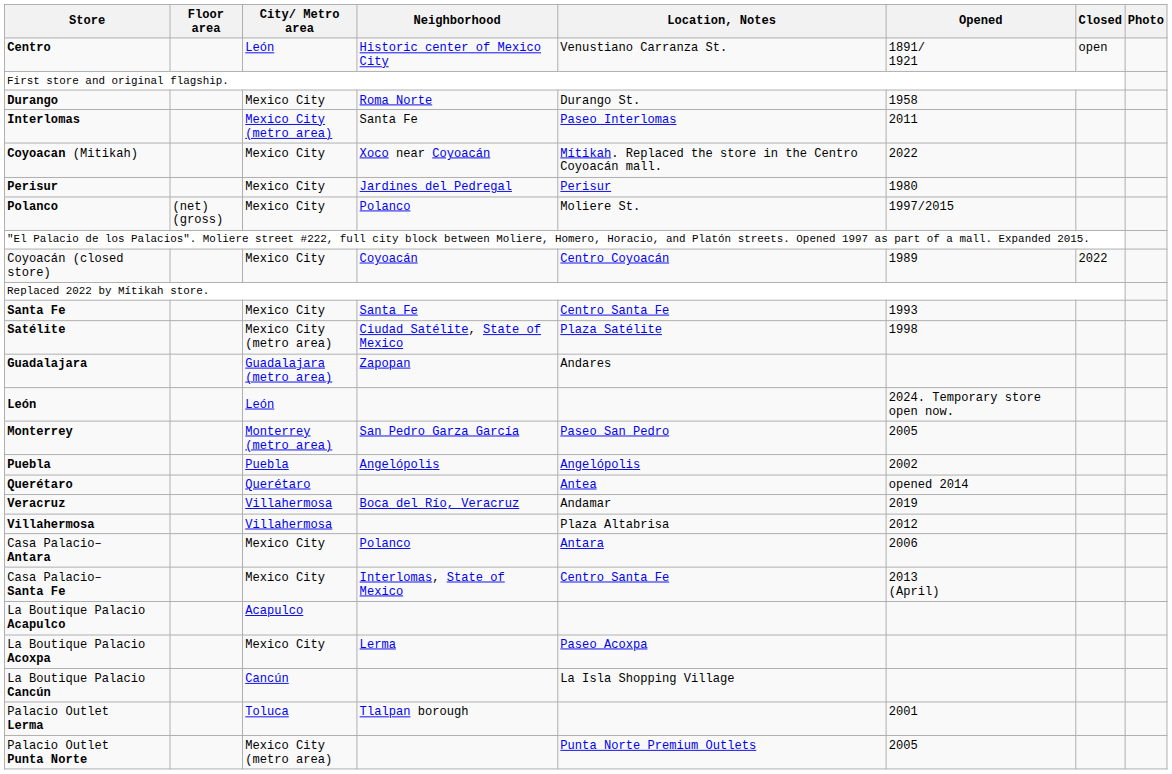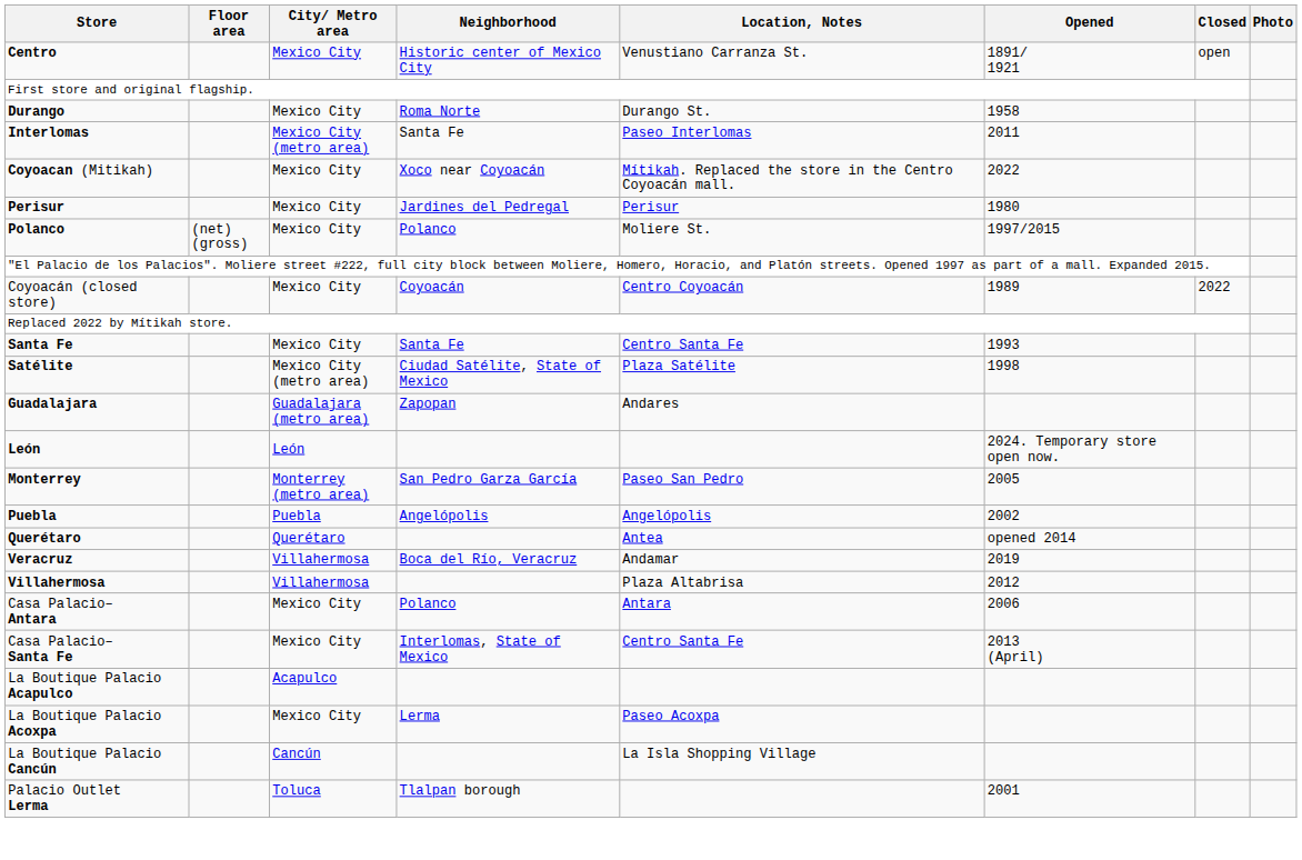 <table class="wikitable sortable">
 <tr>
 <th>Store</th>
 <th>Floor area</th>
 <th>City/ Metro area</th>
 <th>Neighborhood</th>
 <th>Location, Notes</th>
 <th>Opened</th>
 <th>Closed</th>
 <th>Photo</th>
 </tr>
 <tr style="vertical-align:top;">
 <td><strong>Centro</strong></td>
 <td></td>
-<td><a href='#'>León</a></td>
+<td><a href='#'>Mexico City</a></td>
 <td><a href='#'>Historic center of Mexico City</a></td>
 <td>Venustiano Carranza St.</td>
 <td>1891/<br>1921</td>
 <td>open</td>
 <td></td>
 </tr>
 <tr class="expand-child" style="background-color:white;font-size:0.9em;">
 <td colspan="7">First store and original flagship.</td>
 </tr>
 <tr style="vertical-align:top;">
 <td><strong>Durango</strong></td>
 <td></td>
 <td>Mexico City</td>
 <td><a href='#'>Roma Norte</a></td>
 <td>Durango St.</td>
 <td>1958</td>
 <td></td>
 <td></td>
 </tr>
 <tr style="vertical-align:top;">
 <td><strong>Interlomas</strong></td>
 <td></td>
 <td><a href='#'>Mexico City<br>(metro area)</a></td>
 <td>Santa Fe</td>
 <td><a href='#'>Paseo Interlomas</a></td>
 <td>2011</td>
 <td></td>
 <td></td>
 </tr>
 <tr style="vertical-align:top;">
 <td><strong>Coyoacan</strong> (Mitikah)</td>
 <td></td>
 <td>Mexico City</td>
 <td><a href='#'>Xoco</a> near <a href='#'>Coyoacán</a></td>
 <td><a href='#'>Mítikah</a>. Replaced the store in the Centro Coyoacán mall.</td>
 <td>2022</td>
 <td></td>
 <td></td>
 </tr>
 <tr style="vertical-align:top;">
 <td><strong>Perisur</strong></td>
 <td></td>
 <td>Mexico City</td>
 <td><a href='#'>Jardines del Pedregal</a></td>
 <td><a href='#'>Perisur</a></td>
 <td>1980</td>
 <td></td>
 <td></td>
 </tr>
 <tr style="vertical-align:top;">
 <td><strong>Polanco</strong></td>
 <td> (net)<br> (gross)</td>
 <td>Mexico City</td>
 <td><a href='#'>Polanco</a></td>
 <td>Moliere St.</td>
 <td>1997/2015</td>
 <td></td>
 <td></td>
 </tr>
 <tr class="expand-child" style="background-color:white;font-size:0.9em;">
 <td colspan="7">"El Palacio de los Palacios". Moliere street #222, full city block between Moliere, Homero, Horacio, and Platón streets. Opened 1997 as part of a mall. Expanded 2015.</td>
 </tr>
 <tr style="vertical-align:top;">
 <td>Coyoacán (closed store)</td>
 <td></td>
 <td>Mexico City</td>
 <td><a href='#'>Coyoacán</a></td>
 <td><a href='#'>Centro Coyoacán</a></td>
 <td>1989</td>
 <td>2022</td>
 <td></td>
 </tr>
 <tr class="expand-child" style="background-color:white;font-size:0.9em;">
 <td colspan="7">Replaced 2022 by Mítikah store.</td>
 </tr>
 <tr style="vertical-align:top;">
 <td><strong>Santa Fe</strong></td>
 <td></td>
 <td>Mexico City</td>
 <td><a href='#'>Santa Fe</a></td>
 <td><a href='#'>Centro Santa Fe</a></td>
 <td>1993</td>
 <td></td>
 <td></td>
 </tr>
 <tr style="vertical-align:top;">
 <td><strong>Satélite</strong></td>
 <td></td>
 <td>Mexico City<br>(metro area)</td>
 <td><a href='#'>Ciudad Satélite</a>, <a href='#'>State of Mexico</a></td>
 <td><a href='#'>Plaza Satélite</a></td>
 <td>1998</td>
 <td></td>
 <td></td>
 </tr>
 <tr style="vertical-align:top;">
 <td><strong>Guadalajara</strong></td>
 <td></td>
 <td><a href='#'>Guadalajara<br>(metro area)</a></td>
 <td><a href='#'>Zapopan</a></td>
 <td>Andares</td>
 <td></td>
 <td></td>
 <td></td>
 </tr>
 <tr>
 <td><strong>León</strong></td>
 <td></td>
 <td><a href='#'>León</a></td>
 <td></td>
 <td></td>
 <td>2024. Temporary store open now.</td>
 <td></td>
 </tr>
 <tr style="vertical-align:top;">
 <td><strong>Monterrey</strong></td>
 <td></td>
 <td><a href='#'>Monterrey<br>(metro area)</a></td>
 <td><a href='#'>San Pedro Garza García</a></td>
 <td><a href='#'>Paseo San Pedro</a></td>
 <td>2005</td>
 <td></td>
 <td></td>
 </tr>
 <tr style="vertical-align:top;">
 <td><strong>Puebla</strong></td>
 <td></td>
 <td><a href='#'>Puebla</a></td>
 <td><a href='#'>Angelópolis</a></td>
 <td><a href='#'>Angelópolis</a></td>
 <td>2002</td>
 <td></td>
 <td></td>
 </tr>
 <tr style="vertical-align:top;">
 <td><strong>Querétaro</strong></td>
 <td></td>
 <td><a href='#'>Querétaro</a></td>
 <td></td>
 <td><a href='#'>Antea</a></td>
 <td>opened 2014</td>
 <td></td>
 <td></td>
 </tr>
 <tr style="vertical-align:top;">
 <td><strong>Veracruz</strong></td>
 <td></td>
 <td><a href='#'>Villahermosa</a></td>
 <td><a href='#'>Boca del Río, Veracruz</a></td>
 <td>Andamar</td>
 <td>2019</td>
 <td></td>
 <td></td>
 </tr>
 <tr style="vertical-align:top;">
 <td><strong>Villahermosa</strong></td>
 <td></td>
 <td><a href='#'>Villahermosa</a></td>
 <td></td>
 <td>Plaza Altabrisa</td>
 <td>2012</td>
 <td></td>
 <td></td>
 </tr>
 <tr style="vertical-align:top;">
 <td>Casa Palacio–<br><strong>Antara</strong></td>
 <td></td>
 <td>Mexico City</td>
 <td><a href='#'>Polanco</a></td>
 <td><a href='#'>Antara</a></td>
 <td>2006</td>
 <td></td>
 <td></td>
 </tr>
 <tr style="vertical-align:top;">
 <td>Casa Palacio–<br><strong>Santa Fe</strong></td>
 <td></td>
 <td>Mexico City</td>
 <td><a href='#'>Interlomas</a>, <a href='#'>State of Mexico</a></td>
 <td><a href='#'>Centro Santa Fe</a></td>
 <td>2013<br>(April) </td>
 <td></td>
 <td></td>
 </tr>
 <tr style="vertical-align:top;">
 <td>La Boutique Palacio<br><strong>Acapulco</strong></td>
 <td></td>
 <td><a href='#'>Acapulco</a></td>
 <td></td>
 <td></td>
 <td></td>
 <td></td>
 <td></td>
 </tr>
 <tr style="vertical-align:top;">
 <td>La Boutique Palacio<br><strong>Acoxpa</strong></td>
 <td></td>
 <td>Mexico City</td>
 <td><a href='#'>Lerma</a></td>
 <td><a href='#'>Paseo Acoxpa</a></td>
 <td></td>
 <td></td>
 <td></td>
 </tr>
 <tr style="vertical-align:top;">
 <td>La Boutique Palacio<br><strong>Cancún</strong></td>
 <td></td>
 <td><a href='#'>Cancún</a></td>
 <td></td>
 <td>La Isla Shopping Village</td>
 <td></td>
 <td></td>
 <td></td>
 </tr>
 <tr style="vertical-align:top;">
 <td>Palacio Outlet<br><strong>Lerma</strong></td>
 <td></td>
 <td><a href='#'>Toluca</a></td>
 <td><a href='#'>Tlalpan</a> borough</td>
 <td></td>
 <td>2001</td>
 <td></td>
 <td></td>
 </tr>
-<tr style="vertical-align:top;">
-<td>Palacio Outlet<br><strong>Punta Norte</strong></td>
-<td></td>
-<td>Mexico City<br>(metro area)</td>
-<td></td>
-<td><a href='#'>Punta Norte Premium Outlets</a></td>
-<td>2005</td>
-<td></td>
-<td></td>
-</tr>
 </table>
